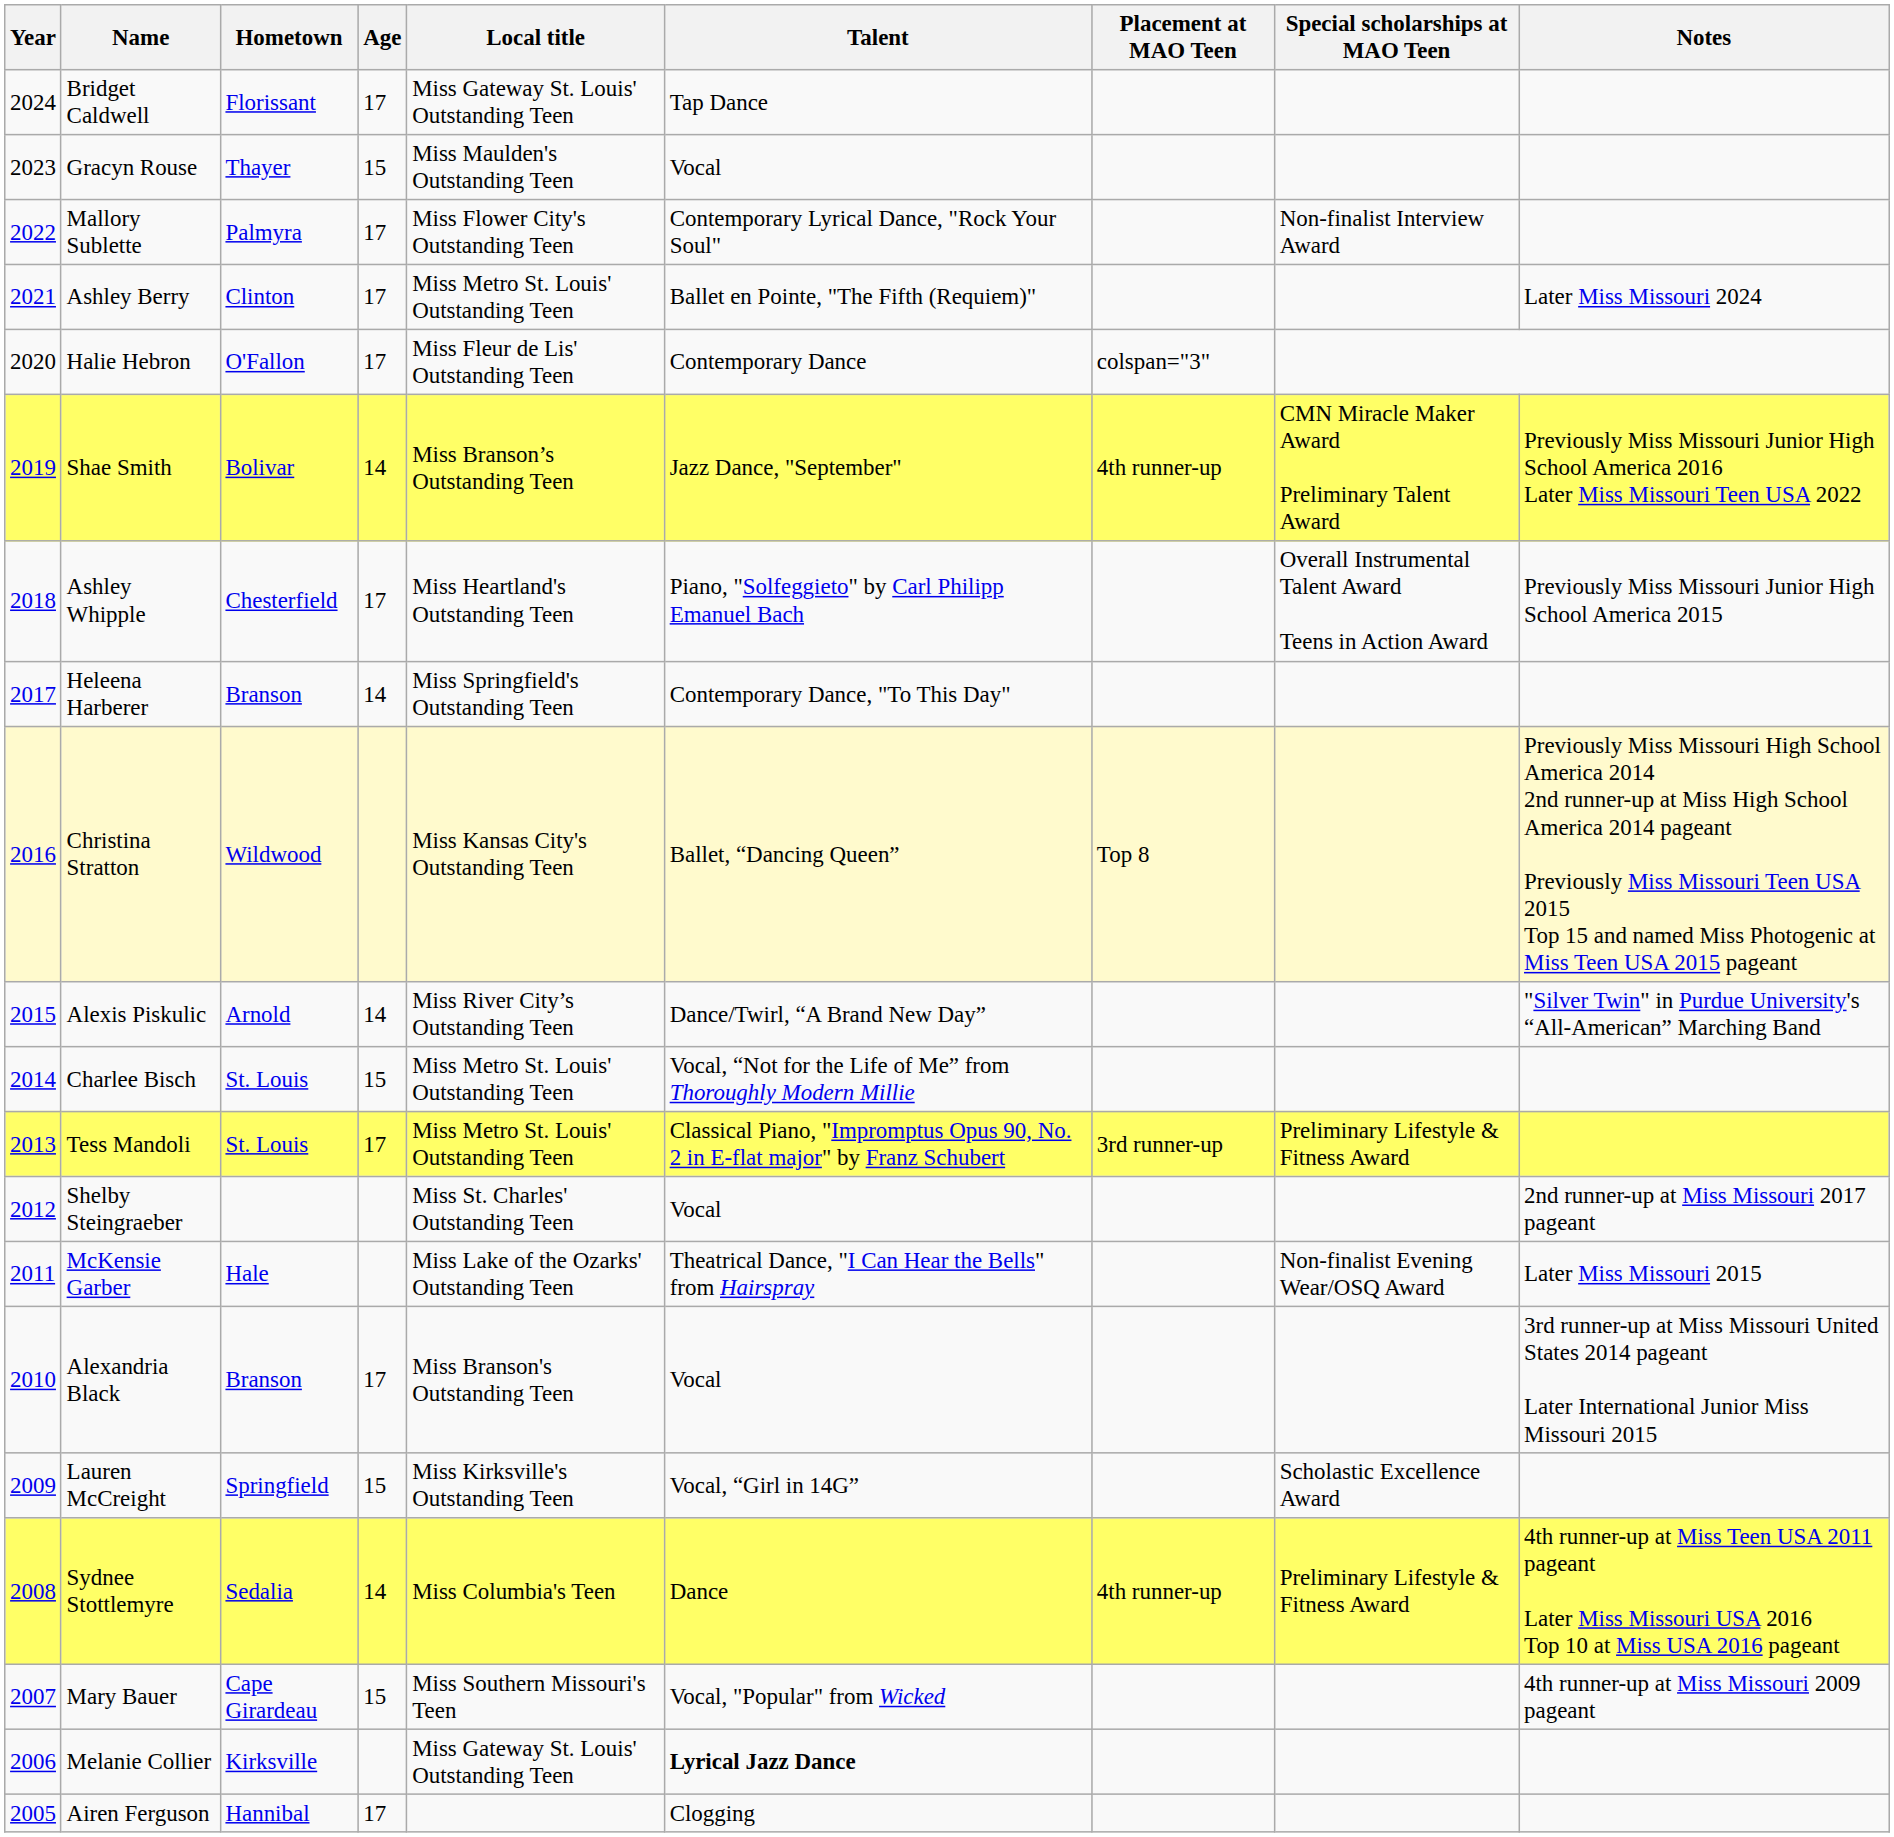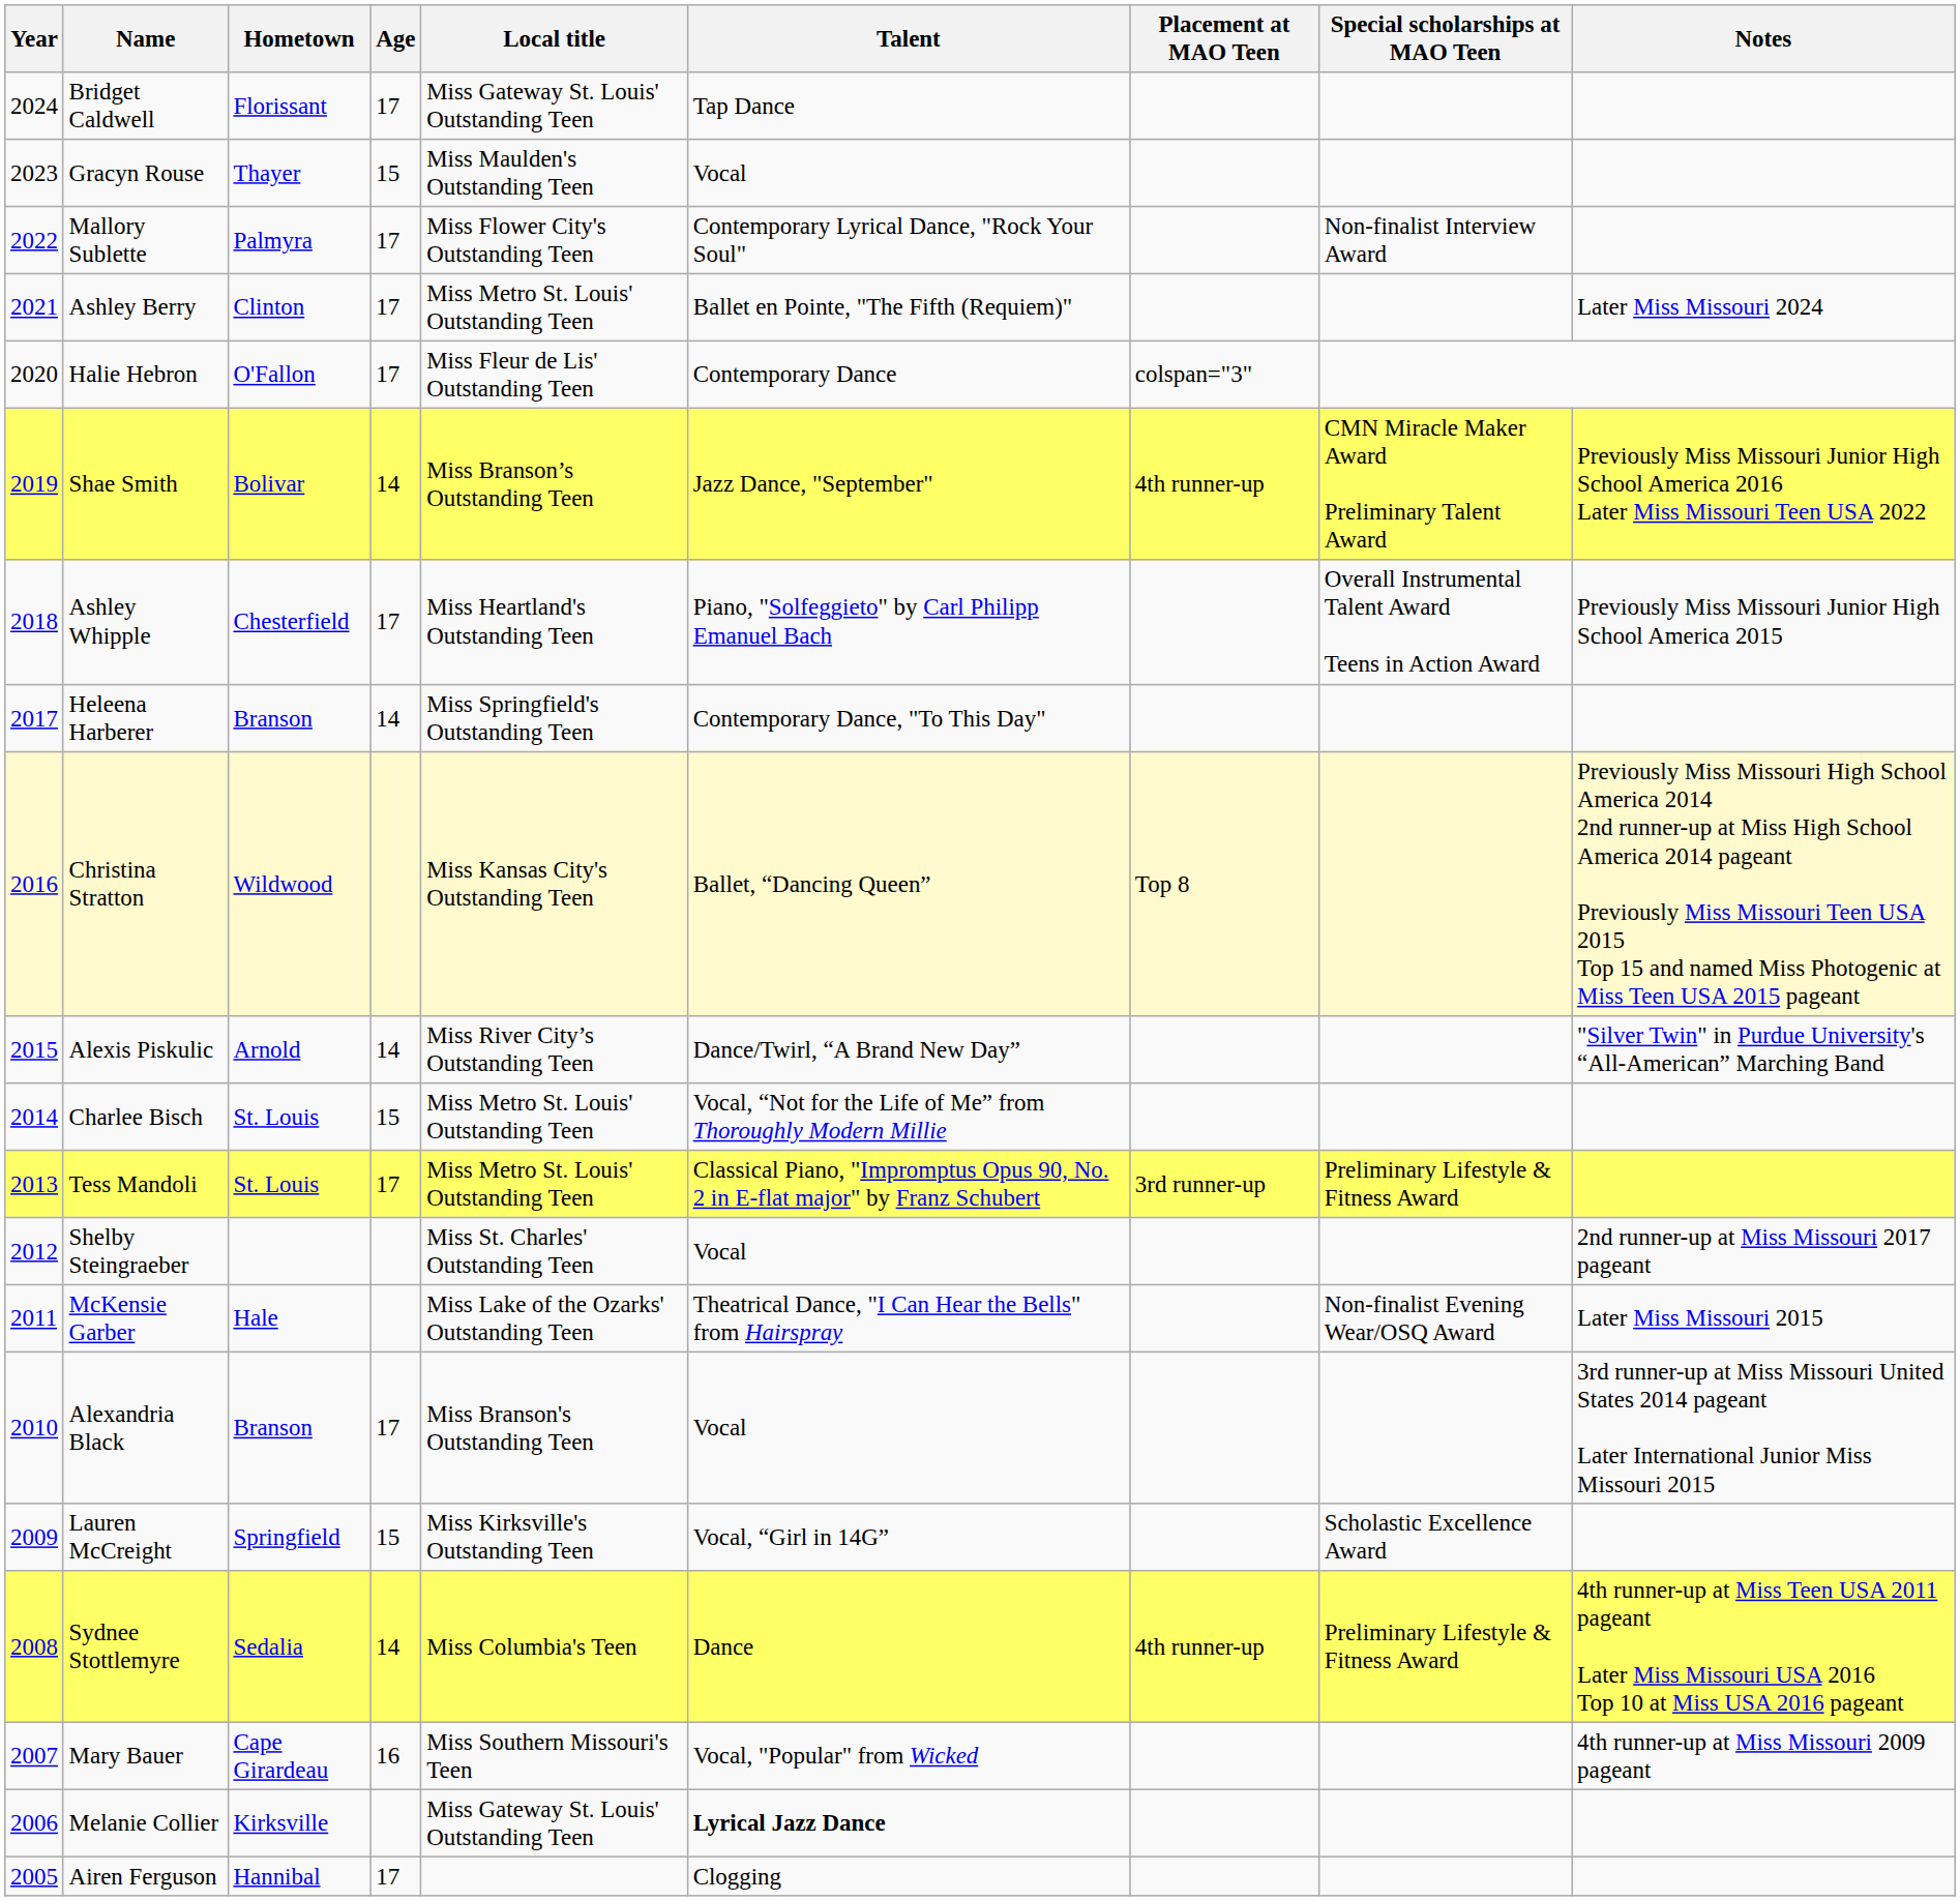 <table class="wikitable sortable"style="font-size:95%;">
 <tr>
 <th>Year</th>
 <th>Name</th>
 <th>Hometown</th>
 <th>Age</th>
 <th>Local title</th>
 <th>Talent</th>
 <th>Placement at MAO Teen</th>
 <th>Special scholarships at MAO Teen</th>
 <th>Notes</th>
 </tr>
 <tr>
 <td>2024</td>
 <td>Bridget Caldwell</td>
 <td><a href='#'>Florissant</a></td>
 <td>17</td>
 <td>Miss Gateway St. Louis' Outstanding Teen</td>
 <td>Tap Dance</td>
 <td></td>
 <td></td>
 <td></td>
 </tr>
 <tr>
 <td>2023</td>
 <td>Gracyn Rouse</td>
 <td><a href='#'>Thayer</a></td>
 <td>15</td>
 <td>Miss Maulden's Outstanding Teen</td>
 <td>Vocal</td>
 <td></td>
 <td></td>
 <td></td>
 </tr>
 <tr>
 <td><a href='#'>2022</a></td>
 <td>Mallory Sublette</td>
 <td><a href='#'>Palmyra</a></td>
 <td>17</td>
 <td>Miss Flower City's Outstanding Teen</td>
 <td>Contemporary Lyrical Dance, "Rock Your Soul"</td>
 <td></td>
 <td>Non-finalist Interview Award</td>
 <td></td>
 </tr>
 <tr>
 <td><a href='#'>2021</a></td>
 <td>Ashley Berry</td>
 <td><a href='#'>Clinton</a></td>
 <td>17</td>
 <td>Miss Metro St. Louis' Outstanding Teen</td>
 <td>Ballet en Pointe, "The Fifth (Requiem)"</td>
 <td></td>
 <td></td>
 <td>Later <a href='#'>Miss Missouri</a> 2024</td>
 </tr>
 <tr>
 <td>2020</td>
 <td>Halie Hebron</td>
 <td><a href='#'>O'Fallon</a></td>
 <td>17</td>
 <td>Miss Fleur de Lis' Outstanding Teen</td>
 <td>Contemporary Dance</td>
 <td>colspan="3" </td>
 </tr>
 <tr style="background-color:#FFFF66;">
 <td><a href='#'>2019</a></td>
 <td>Shae Smith</td>
 <td><a href='#'>Bolivar</a></td>
 <td>14</td>
 <td>Miss Branson’s Outstanding Teen</td>
 <td>Jazz Dance, "September"</td>
 <td>4th runner-up</td>
 <td>CMN Miracle Maker Award<br><br>Preliminary Talent Award</td>
 <td>Previously Miss Missouri Junior High School America 2016<br>Later <a href='#'>Miss Missouri Teen USA</a> 2022</td>
 </tr>
 <tr>
 <td><a href='#'>2018</a></td>
 <td>Ashley Whipple</td>
 <td><a href='#'>Chesterfield</a></td>
 <td>17</td>
 <td>Miss Heartland's Outstanding Teen</td>
 <td>Piano, "<a href='#'>Solfeggieto</a>" by <a href='#'>Carl Philipp Emanuel Bach</a></td>
 <td></td>
 <td>Overall Instrumental Talent Award<br><br>Teens in Action Award</td>
 <td>Previously Miss Missouri Junior High School America 2015</td>
 </tr>
 <tr>
 <td><a href='#'>2017</a></td>
 <td>Heleena Harberer</td>
 <td><a href='#'>Branson</a></td>
 <td>14</td>
 <td>Miss Springfield's Outstanding Teen</td>
 <td>Contemporary Dance, "To This Day"</td>
 <td></td>
 <td></td>
 <td></td>
 </tr>
 <tr style="background-color:#FFFACD;">
 <td><a href='#'>2016</a></td>
 <td>Christina Stratton</td>
 <td><a href='#'>Wildwood</a></td>
 <td></td>
 <td>Miss Kansas City's Outstanding Teen</td>
 <td>Ballet, “Dancing Queen”</td>
 <td>Top 8</td>
 <td></td>
 <td>Previously Miss Missouri High School America 2014<br>2nd runner-up at Miss High School America 2014 pageant<br><br>Previously <a href='#'>Miss Missouri Teen USA</a> 2015<br>Top 15 and named Miss Photogenic at <a href='#'>Miss Teen USA 2015</a> pageant</td>
 </tr>
 <tr>
 <td><a href='#'>2015</a></td>
 <td>Alexis Piskulic</td>
 <td><a href='#'>Arnold</a></td>
 <td>14</td>
 <td>Miss River City’s Outstanding Teen</td>
 <td>Dance/Twirl, “A Brand New Day”</td>
 <td></td>
 <td></td>
 <td>"<a href='#'>Silver Twin</a>" in <a href='#'>Purdue University</a>'s “All-American” Marching Band</td>
 </tr>
 <tr>
 <td><a href='#'>2014</a></td>
 <td>Charlee Bisch</td>
 <td><a href='#'>St. Louis</a></td>
 <td>15</td>
 <td>Miss Metro St. Louis' Outstanding Teen</td>
 <td>Vocal, “Not for the Life of Me” from <em><a href='#'>Thoroughly Modern Millie</a></em></td>
 <td></td>
 <td></td>
 <td></td>
 </tr>
 <tr style="background-color:#FFFF66;">
 <td><a href='#'>2013</a></td>
 <td>Tess Mandoli</td>
 <td><a href='#'>St. Louis</a></td>
 <td>17</td>
 <td>Miss Metro St. Louis' Outstanding Teen</td>
 <td>Classical Piano, "<a href='#'>Impromptus Opus 90, No. 2 in E-flat major</a>" by <a href='#'>Franz Schubert</a></td>
 <td>3rd runner-up</td>
 <td>Preliminary Lifestyle & Fitness Award</td>
 <td></td>
 </tr>
 <tr>
 <td><a href='#'>2012</a></td>
 <td>Shelby Steingraeber</td>
 <td></td>
 <td></td>
 <td>Miss St. Charles' Outstanding Teen</td>
 <td>Vocal</td>
 <td></td>
 <td></td>
 <td>2nd runner-up at <a href='#'>Miss Missouri</a> 2017 pageant</td>
 </tr>
 <tr>
 <td><a href='#'>2011</a></td>
 <td><a href='#'>McKensie Garber</a></td>
 <td><a href='#'>Hale</a></td>
 <td></td>
 <td>Miss Lake of the Ozarks' Outstanding Teen</td>
 <td>Theatrical Dance, "<a href='#'>I Can Hear the Bells</a>" from <em><a href='#'>Hairspray</a></em></td>
 <td></td>
 <td>Non-finalist Evening Wear/OSQ Award</td>
 <td>Later <a href='#'>Miss Missouri</a> 2015</td>
 </tr>
 <tr>
 <td><a href='#'>2010</a></td>
 <td>Alexandria Black</td>
 <td><a href='#'>Branson</a></td>
 <td>17</td>
 <td>Miss Branson's Outstanding Teen</td>
 <td>Vocal</td>
 <td></td>
 <td></td>
 <td>3rd runner-up at Miss Missouri United States 2014 pageant<br><br>Later International Junior Miss Missouri 2015</td>
 </tr>
 <tr>
 <td><a href='#'>2009</a></td>
 <td>Lauren McCreight</td>
 <td><a href='#'>Springfield</a></td>
 <td>15</td>
 <td>Miss Kirksville's Outstanding Teen</td>
 <td>Vocal, “Girl in 14G”</td>
 <td></td>
 <td>Scholastic Excellence Award</td>
 <td></td>
 </tr>
 <tr style="background-color:#FFFF66;">
 <td><a href='#'>2008</a></td>
 <td>Sydnee Stottlemyre</td>
 <td><a href='#'>Sedalia</a></td>
 <td>14</td>
 <td>Miss Columbia's Teen</td>
 <td>Dance</td>
 <td>4th runner-up</td>
 <td>Preliminary Lifestyle & Fitness Award</td>
 <td>4th runner-up at <a href='#'>Miss Teen USA 2011</a> pageant<br><br>Later <a href='#'>Miss Missouri USA</a> 2016<br>Top 10 at <a href='#'>Miss USA 2016</a> pageant</td>
 </tr>
 <tr>
 <td><a href='#'>2007</a></td>
 <td>Mary Bauer</td>
 <td><a href='#'>Cape Girardeau</a></td>
-<td>15</td>
+<td>16</td>
 <td>Miss Southern Missouri's Teen</td>
 <td>Vocal, "Popular" from <em><a href='#'> Wicked</a></em></td>
 <td></td>
 <td></td>
 <td>4th runner-up at <a href='#'>Miss Missouri</a> 2009 pageant</td>
 </tr>
 <tr>
 <td><a href='#'>2006</a></td>
 <td>Melanie Collier</td>
 <td><a href='#'>Kirksville</a></td>
 <td></td>
 <td>Miss Gateway St. Louis' Outstanding Teen</td>
 <td><strong>Lyrical Jazz Dance</strong></td>
 <td></td>
 <td></td>
 <td></td>
 </tr>
 <tr>
 <td><a href='#'>2005</a></td>
 <td>Airen Ferguson</td>
 <td><a href='#'>Hannibal</a></td>
 <td>17</td>
 <td></td>
 <td>Clogging</td>
 <td></td>
 <td></td>
 <td></td>
 </tr>
 </table>
